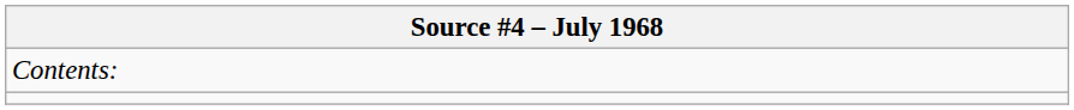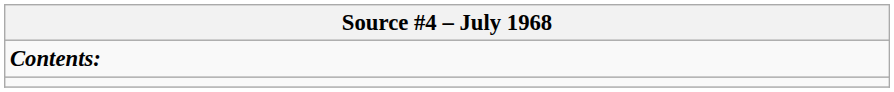 <table class="wikitable" style="width:100%;">
 <tr>
 <th><strong>Source #4</strong> – July 1968</th>
 </tr>
 <tr>
-<td><em>Contents:</em></td>
+<td><strong><em>Contents:</em></strong></td>
 </tr>
 <tr>
 <td></td>
 </tr>
 </table>
